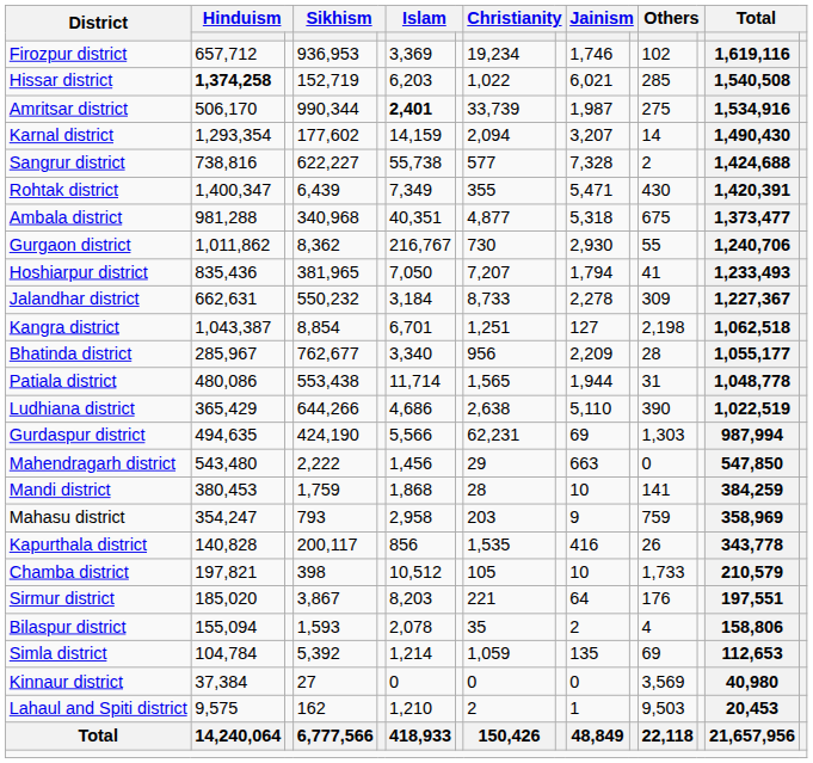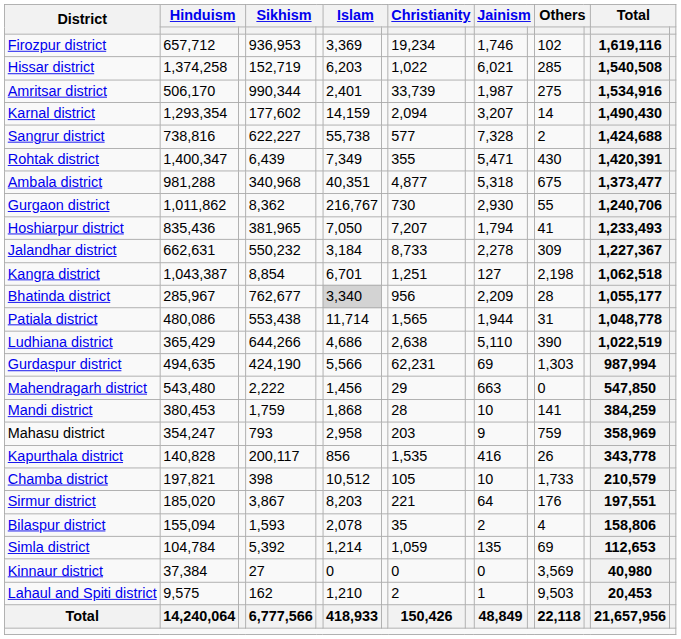 <table class="wikitable sortable">
 <tr>
 <th rowspan="2">District</th>
 <th colspan="2"><a href='#'>Hinduism</a> </th>
 <th colspan="2"><a href='#'>Sikhism</a> </th>
 <th colspan="2"><a href='#'>Islam</a> </th>
 <th colspan="2"><a href='#'>Christianity</a> </th>
 <th colspan="2"><a href='#'>Jainism</a> </th>
 <th colspan="2">Others</th>
 <th colspan="2">Total</th>
 </tr>
 <tr>
 <th><a href='#'></a></th>
 <th></th>
 <th></th>
 <th></th>
 <th></th>
 <th></th>
 <th></th>
 <th></th>
 <th></th>
 <th></th>
 <th></th>
 <th></th>
 <th></th>
 <th></th>
 </tr>
 <tr>
 <td><a href='#'>Firozpur district</a></td>
 <td>657,712</td>
 <td></td>
 <td>936,953</td>
 <td></td>
 <td>3,369</td>
 <td></td>
 <td>19,234</td>
 <td></td>
 <td>1,746</td>
 <td></td>
 <td>102</td>
 <td></td>
 <th>1,619,116</th>
 <th></th>
 </tr>
 <tr>
 <td><a href='#'>Hissar district</a></td>
-<td><strong>1,374,258</strong></td>
+<td>1,374,258</td>
 <td></td>
 <td>152,719</td>
 <td></td>
 <td>6,203</td>
 <td></td>
 <td>1,022</td>
 <td></td>
 <td>6,021</td>
 <td></td>
 <td>285</td>
 <td></td>
 <th>1,540,508</th>
 <th></th>
 </tr>
 <tr>
 <td><a href='#'>Amritsar district</a></td>
 <td>506,170</td>
 <td></td>
 <td>990,344</td>
 <td></td>
-<td><strong>2,401</strong></td>
+<td>2,401</td>
 <td></td>
 <td>33,739</td>
 <td></td>
 <td>1,987</td>
 <td></td>
 <td>275</td>
 <td></td>
 <th>1,534,916</th>
 <th></th>
 </tr>
 <tr>
 <td><a href='#'>Karnal district</a></td>
 <td>1,293,354</td>
 <td></td>
 <td>177,602</td>
 <td></td>
 <td>14,159</td>
 <td></td>
 <td>2,094</td>
 <td></td>
 <td>3,207</td>
 <td></td>
 <td>14</td>
 <td></td>
 <th>1,490,430</th>
 <th></th>
 </tr>
 <tr>
 <td><a href='#'>Sangrur district</a></td>
 <td>738,816</td>
 <td></td>
 <td>622,227</td>
 <td></td>
 <td>55,738</td>
 <td></td>
 <td>577</td>
 <td></td>
 <td>7,328</td>
 <td></td>
 <td>2</td>
 <td></td>
 <th>1,424,688</th>
 <th></th>
 </tr>
 <tr>
 <td><a href='#'>Rohtak district</a></td>
 <td>1,400,347</td>
 <td></td>
 <td>6,439</td>
 <td></td>
 <td>7,349</td>
 <td></td>
 <td>355</td>
 <td></td>
 <td>5,471</td>
 <td></td>
 <td>430</td>
 <td></td>
 <th>1,420,391</th>
 <th></th>
 </tr>
 <tr>
 <td><a href='#'>Ambala district</a></td>
 <td>981,288</td>
 <td></td>
 <td>340,968</td>
 <td></td>
 <td>40,351</td>
 <td></td>
 <td>4,877</td>
 <td></td>
 <td>5,318</td>
 <td></td>
 <td>675</td>
 <td></td>
 <th>1,373,477</th>
 <th></th>
 </tr>
 <tr>
 <td><a href='#'>Gurgaon district</a></td>
 <td>1,011,862</td>
 <td></td>
 <td>8,362</td>
 <td></td>
 <td>216,767</td>
 <td></td>
 <td>730</td>
 <td></td>
 <td>2,930</td>
 <td></td>
 <td>55</td>
 <td></td>
 <th>1,240,706</th>
 <th></th>
 </tr>
 <tr>
 <td><a href='#'>Hoshiarpur district</a></td>
 <td>835,436</td>
 <td></td>
 <td>381,965</td>
 <td></td>
 <td>7,050</td>
 <td></td>
 <td>7,207</td>
 <td></td>
 <td>1,794</td>
 <td></td>
 <td>41</td>
 <td></td>
 <th>1,233,493</th>
 <th></th>
 </tr>
 <tr>
 <td><a href='#'>Jalandhar district</a></td>
 <td>662,631</td>
 <td></td>
 <td>550,232</td>
 <td></td>
 <td>3,184</td>
 <td></td>
 <td>8,733</td>
 <td></td>
 <td>2,278</td>
 <td></td>
 <td>309</td>
 <td></td>
 <th>1,227,367</th>
 <th></th>
 </tr>
 <tr>
 <td><a href='#'>Kangra district</a></td>
 <td>1,043,387</td>
 <td></td>
 <td>8,854</td>
 <td></td>
 <td>6,701</td>
 <td></td>
 <td>1,251</td>
 <td></td>
 <td>127</td>
 <td></td>
 <td>2,198</td>
 <td></td>
 <th>1,062,518</th>
 <th></th>
 </tr>
 <tr>
 <td><a href='#'>Bhatinda district</a></td>
 <td>285,967</td>
 <td></td>
 <td>762,677</td>
 <td></td>
-<td>3,340</td>
+<td style="background: lightgrey;">3,340</td>
 <td></td>
 <td>956</td>
 <td></td>
 <td>2,209</td>
 <td></td>
 <td>28</td>
 <td></td>
 <th>1,055,177</th>
 <th></th>
 </tr>
 <tr>
 <td><a href='#'>Patiala district</a></td>
 <td>480,086</td>
 <td></td>
 <td>553,438</td>
 <td></td>
 <td>11,714</td>
 <td></td>
 <td>1,565</td>
 <td></td>
 <td>1,944</td>
 <td></td>
 <td>31</td>
 <td></td>
 <th>1,048,778</th>
 <th></th>
 </tr>
 <tr>
 <td><a href='#'>Ludhiana district</a></td>
 <td>365,429</td>
 <td></td>
 <td>644,266</td>
 <td></td>
 <td>4,686</td>
 <td></td>
 <td>2,638</td>
 <td></td>
 <td>5,110</td>
 <td></td>
 <td>390</td>
 <td></td>
 <th>1,022,519</th>
 <th></th>
 </tr>
 <tr>
 <td><a href='#'>Gurdaspur district</a></td>
 <td>494,635</td>
 <td></td>
 <td>424,190</td>
 <td></td>
 <td>5,566</td>
 <td></td>
 <td>62,231</td>
 <td></td>
 <td>69</td>
 <td></td>
 <td>1,303</td>
 <td></td>
 <th>987,994</th>
 <th></th>
 </tr>
 <tr>
 <td><a href='#'>Mahendragarh district</a></td>
 <td>543,480</td>
 <td></td>
 <td>2,222</td>
 <td></td>
 <td>1,456</td>
 <td></td>
 <td>29</td>
 <td></td>
 <td>663</td>
 <td></td>
 <td>0</td>
 <td></td>
 <th>547,850</th>
 <th></th>
 </tr>
 <tr>
 <td><a href='#'>Mandi district</a></td>
 <td>380,453</td>
 <td></td>
 <td>1,759</td>
 <td></td>
 <td>1,868</td>
 <td></td>
 <td>28</td>
 <td></td>
 <td>10</td>
 <td></td>
 <td>141</td>
 <td></td>
 <th>384,259</th>
 <th></th>
 </tr>
 <tr>
 <td>Mahasu district</td>
 <td>354,247</td>
 <td></td>
 <td>793</td>
 <td></td>
 <td>2,958</td>
 <td></td>
 <td>203</td>
 <td></td>
 <td>9</td>
 <td></td>
 <td>759</td>
 <td></td>
 <th>358,969</th>
 <th></th>
 </tr>
 <tr>
 <td><a href='#'>Kapurthala district</a></td>
 <td>140,828</td>
 <td></td>
 <td>200,117</td>
 <td></td>
 <td>856</td>
 <td></td>
 <td>1,535</td>
 <td></td>
 <td>416</td>
 <td></td>
 <td>26</td>
 <td></td>
 <th>343,778</th>
 <th></th>
 </tr>
 <tr>
 <td><a href='#'>Chamba district</a></td>
 <td>197,821</td>
 <td></td>
 <td>398</td>
 <td></td>
 <td>10,512</td>
 <td></td>
 <td>105</td>
 <td></td>
 <td>10</td>
 <td></td>
 <td>1,733</td>
 <td></td>
 <th>210,579</th>
 <th></th>
 </tr>
 <tr>
 <td><a href='#'>Sirmur district</a></td>
 <td>185,020</td>
 <td></td>
 <td>3,867</td>
 <td></td>
 <td>8,203</td>
 <td></td>
 <td>221</td>
 <td></td>
 <td>64</td>
 <td></td>
 <td>176</td>
 <td></td>
 <th>197,551</th>
 <th></th>
 </tr>
 <tr>
 <td><a href='#'>Bilaspur district</a></td>
 <td>155,094</td>
 <td></td>
 <td>1,593</td>
 <td></td>
 <td>2,078</td>
 <td></td>
 <td>35</td>
 <td></td>
 <td>2</td>
 <td></td>
 <td>4</td>
 <td></td>
 <th>158,806</th>
 <th></th>
 </tr>
 <tr>
 <td><a href='#'>Simla district</a></td>
 <td>104,784</td>
 <td></td>
 <td>5,392</td>
 <td></td>
 <td>1,214</td>
 <td></td>
 <td>1,059</td>
 <td></td>
 <td>135</td>
 <td></td>
 <td>69</td>
 <td></td>
 <th>112,653</th>
 <th></th>
 </tr>
 <tr>
 <td><a href='#'>Kinnaur district</a></td>
 <td>37,384</td>
 <td></td>
 <td>27</td>
 <td></td>
 <td>0</td>
 <td></td>
 <td>0</td>
 <td></td>
 <td>0</td>
 <td></td>
 <td>3,569</td>
 <td></td>
 <th>40,980</th>
 <th></th>
 </tr>
 <tr>
 <td><a href='#'>Lahaul and Spiti district</a></td>
 <td>9,575</td>
 <td></td>
 <td>162</td>
 <td></td>
 <td>1,210</td>
 <td></td>
 <td>2</td>
 <td></td>
 <td>1</td>
 <td></td>
 <td>9,503</td>
 <td></td>
 <th>20,453</th>
 <th></th>
 </tr>
 <tr>
 <th>Total</th>
 <th>14,240,064</th>
 <th></th>
 <th>6,777,566</th>
 <th></th>
 <th>418,933</th>
 <th></th>
 <th>150,426</th>
 <th></th>
 <th>48,849</th>
 <th></th>
 <th>22,118</th>
 <th></th>
 <th>21,657,956</th>
 <th></th>
 </tr>
 <tr class="sortbottom">
 <td colspan="15"></td>
 </tr>
 </table>
